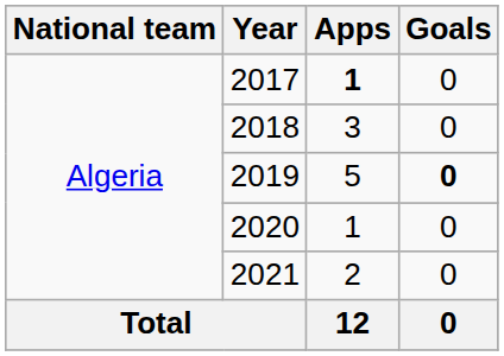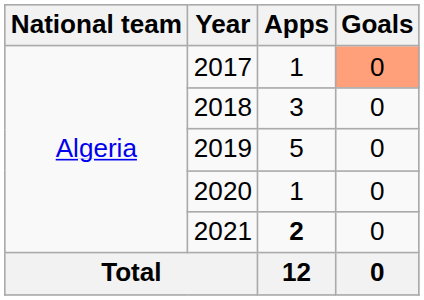 <table class="wikitable" style="text-align:center">
 <tr>
 <th>National team</th>
 <th>Year</th>
 <th>Apps</th>
 <th>Goals</th>
 </tr>
 <tr>
 <td rowspan="5"><a href='#'>Algeria</a></td>
 <td>2017</td>
-<td><strong>1</strong></td>
-<td>0</td>
+<td>1</td>
+<td style="background: lightsalmon;">0</td>
 </tr>
 <tr>
 <td>2018</td>
 <td>3</td>
 <td>0</td>
 </tr>
 <tr>
 <td>2019</td>
 <td>5</td>
-<td><strong>0</strong></td>
+<td>0</td>
 </tr>
 <tr>
 <td>2020</td>
 <td>1</td>
 <td>0</td>
 </tr>
 <tr>
 <td>2021</td>
-<td>2</td>
+<td><strong>2</strong></td>
 <td>0</td>
 </tr>
 <tr>
 <th colspan="2">Total</th>
 <th>12</th>
 <th>0</th>
 </tr>
 </table>
